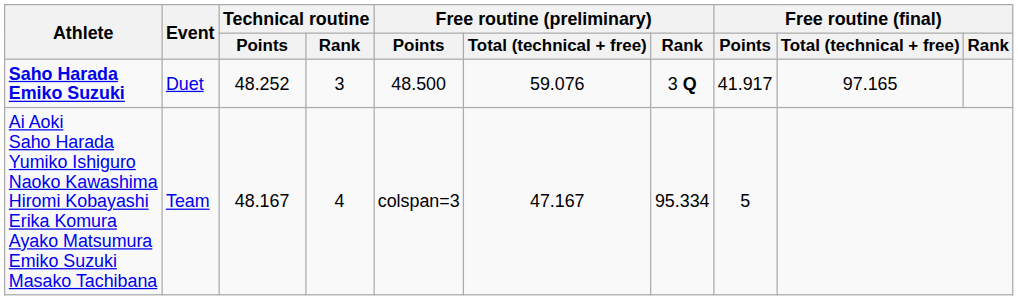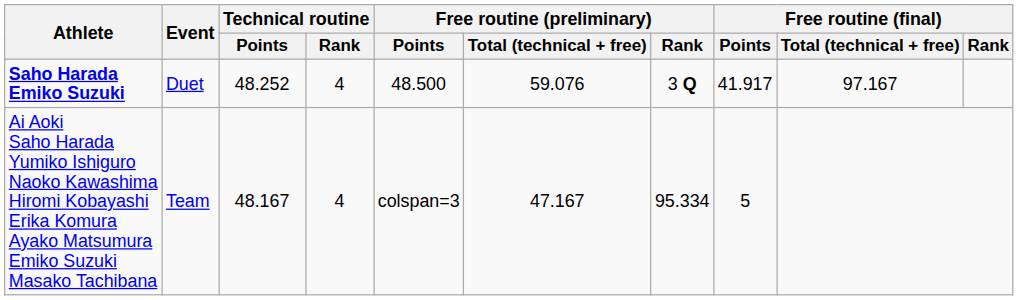 <table class="wikitable" style="font-size:90%;">
 <tr>
 <th rowspan="2">Athlete</th>
 <th rowspan="2">Event</th>
 <th colspan=2>Technical routine</th>
 <th colspan=3>Free routine (preliminary)</th>
 <th colspan=3>Free routine (final)</th>
 </tr>
 <tr style="font-size:95%">
 <th>Points</th>
 <th>Rank</th>
 <th>Points</th>
 <th>Total (technical + free)</th>
 <th>Rank</th>
 <th>Points</th>
 <th>Total (technical + free)</th>
 <th>Rank</th>
 </tr>
 <tr align=center>
 <td align=left><strong><a href='#'>Saho Harada</a><br><a href='#'>Emiko Suzuki</a></strong></td>
 <td align=left><a href='#'>Duet</a></td>
 <td>48.252</td>
-<td>3</td>
+<td>4</td>
 <td>48.500</td>
 <td>59.076</td>
 <td>3 <strong>Q</strong></td>
 <td>41.917</td>
-<td>97.165</td>
+<td>97.167</td>
 <td></td>
 </tr>
 <tr align=center>
 <td align=left><a href='#'>Ai Aoki</a><br><a href='#'>Saho Harada</a><br><a href='#'>Yumiko Ishiguro</a><br><a href='#'>Naoko Kawashima</a><br><a href='#'>Hiromi Kobayashi</a><br><a href='#'>Erika Komura</a><br><a href='#'>Ayako Matsumura</a><br><a href='#'>Emiko Suzuki</a><br><a href='#'>Masako Tachibana</a></td>
 <td align=left><a href='#'>Team</a></td>
 <td>48.167</td>
 <td>4</td>
 <td>colspan=3 </td>
 <td>47.167</td>
 <td>95.334</td>
 <td>5</td>
 </tr>
 </table>
